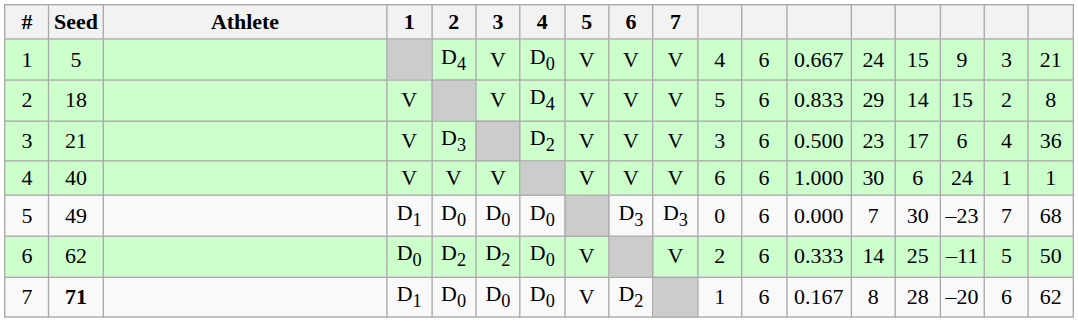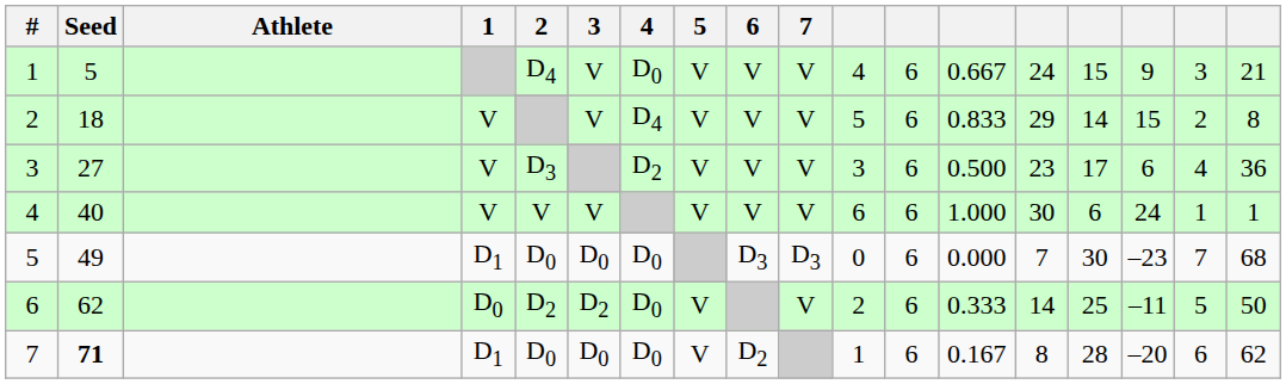 <table class="wikitable" style="text-align:center">
 <tr>
 <th width="25">#</th>
 <th width="25">Seed</th>
 <th width="200">Athlete</th>
 <th width="25">1</th>
 <th width="25">2</th>
 <th width="25">3</th>
 <th width="25">4</th>
 <th width="25">5</th>
 <th width="25">6</th>
 <th width="25">7</th>
 <th width="25"></th>
 <th width="25"></th>
 <th width="40"></th>
 <th width="25"></th>
 <th width="25"></th>
 <th width="25"></th>
 <th width="25"></th>
 <th width="25"></th>
 </tr>
 <tr bgcolor="ccffcc">
 <td>1</td>
 <td>5</td>
 <td align=left></td>
 <td bgcolor="#cccccc"></td>
 <td>D<sub>4</sub></td>
 <td>V</td>
 <td>D<sub>0</sub></td>
 <td>V</td>
 <td>V</td>
 <td>V</td>
 <td>4</td>
 <td>6</td>
 <td>0.667</td>
 <td>24</td>
 <td>15</td>
 <td>9</td>
 <td>3</td>
 <td>21</td>
 </tr>
 <tr bgcolor="ccffcc">
 <td>2</td>
 <td>18</td>
 <td align=left></td>
 <td>V</td>
 <td bgcolor="#cccccc"></td>
 <td>V</td>
 <td>D<sub>4</sub></td>
 <td>V</td>
 <td>V</td>
 <td>V</td>
 <td>5</td>
 <td>6</td>
 <td>0.833</td>
 <td>29</td>
 <td>14</td>
 <td>15</td>
 <td>2</td>
 <td>8</td>
 </tr>
 <tr bgcolor="ccffcc">
 <td>3</td>
-<td>21</td>
+<td>27</td>
 <td align=left></td>
 <td>V</td>
 <td>D<sub>3</sub></td>
 <td bgcolor="#cccccc"></td>
 <td>D<sub>2</sub></td>
 <td>V</td>
 <td>V</td>
 <td>V</td>
 <td>3</td>
 <td>6</td>
 <td>0.500</td>
 <td>23</td>
 <td>17</td>
 <td>6</td>
 <td>4</td>
 <td>36</td>
 </tr>
 <tr bgcolor="ccffcc">
 <td>4</td>
 <td>40</td>
 <td align=left></td>
 <td>V</td>
 <td>V</td>
 <td>V</td>
 <td bgcolor="#cccccc"></td>
 <td>V</td>
 <td>V</td>
 <td>V</td>
 <td>6</td>
 <td>6</td>
 <td>1.000</td>
 <td>30</td>
 <td>6</td>
 <td>24</td>
 <td>1</td>
 <td>1</td>
 </tr>
 <tr>
 <td>5</td>
 <td>49</td>
 <td align=left></td>
 <td>D<sub>1</sub></td>
 <td>D<sub>0</sub></td>
 <td>D<sub>0</sub></td>
 <td>D<sub>0</sub></td>
 <td bgcolor="#cccccc"></td>
 <td>D<sub>3</sub></td>
 <td>D<sub>3</sub></td>
 <td>0</td>
 <td>6</td>
 <td>0.000</td>
 <td>7</td>
 <td>30</td>
 <td>–23</td>
 <td>7</td>
 <td>68</td>
 </tr>
 <tr bgcolor="ccffcc">
 <td>6</td>
 <td>62</td>
 <td align=left></td>
 <td>D<sub>0</sub></td>
 <td>D<sub>2</sub></td>
 <td>D<sub>2</sub></td>
 <td>D<sub>0</sub></td>
 <td>V</td>
 <td bgcolor="#cccccc"></td>
 <td>V</td>
 <td>2</td>
 <td>6</td>
 <td>0.333</td>
 <td>14</td>
 <td>25</td>
 <td>–11</td>
 <td>5</td>
 <td>50</td>
 </tr>
 <tr>
 <td>7</td>
 <td><strong>71</strong></td>
 <td align=left></td>
 <td>D<sub>1</sub></td>
 <td>D<sub>0</sub></td>
 <td>D<sub>0</sub></td>
 <td>D<sub>0</sub></td>
 <td>V</td>
 <td>D<sub>2</sub></td>
 <td bgcolor="#cccccc"></td>
 <td>1</td>
 <td>6</td>
 <td>0.167</td>
 <td>8</td>
 <td>28</td>
 <td>–20</td>
 <td>6</td>
 <td>62</td>
 </tr>
 </table>
